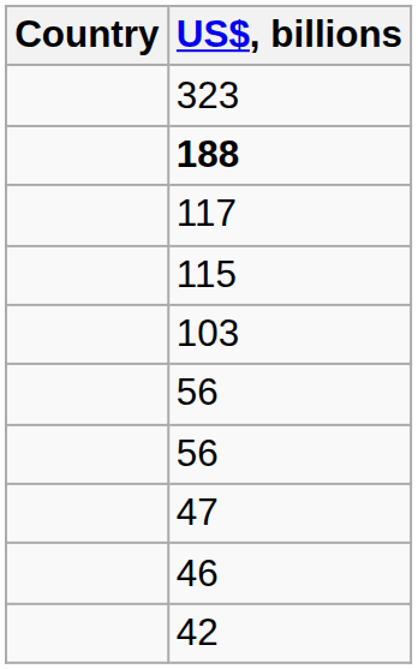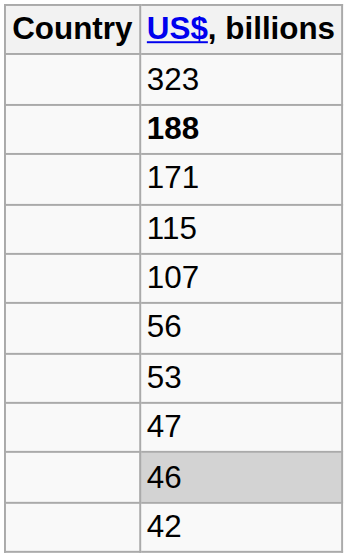 <table class="wikitable">
 <tr>
 <th>Country</th>
 <th><a href='#'>US$</a>, billions</th>
 </tr>
 <tr>
 <td></td>
 <td>323</td>
 </tr>
 <tr>
 <td></td>
 <td><strong>188</strong></td>
 </tr>
 <tr>
 <td></td>
-<td>117</td>
+<td>171</td>
 </tr>
 <tr>
 <td></td>
 <td>115</td>
 </tr>
 <tr>
 <td></td>
-<td>103</td>
+<td>107</td>
 </tr>
 <tr>
 <td></td>
 <td>56</td>
 </tr>
 <tr>
 <td></td>
-<td>56</td>
+<td>53</td>
 </tr>
 <tr>
 <td></td>
 <td>47</td>
 </tr>
 <tr>
 <td></td>
-<td>46</td>
+<td style="background: lightgrey;">46</td>
 </tr>
 <tr>
 <td></td>
 <td>42</td>
 </tr>
 </table>
